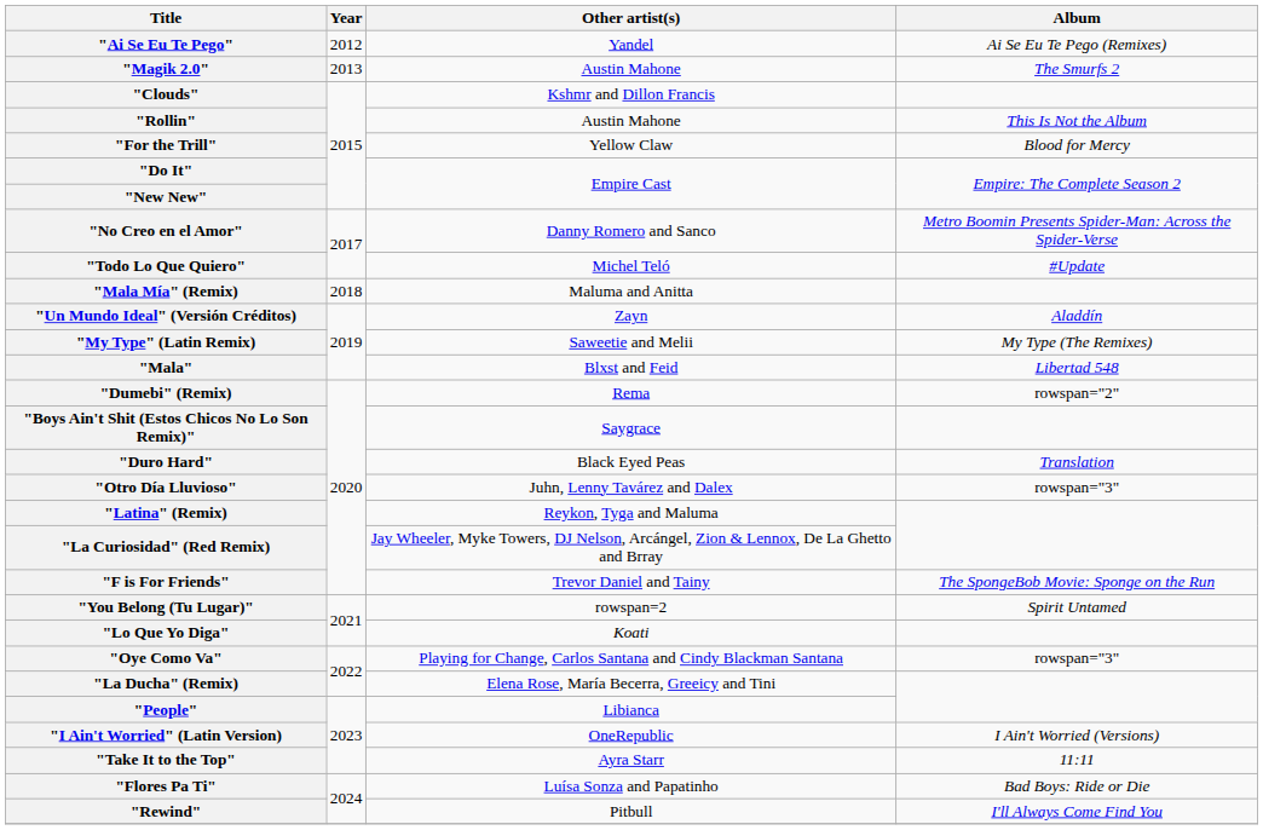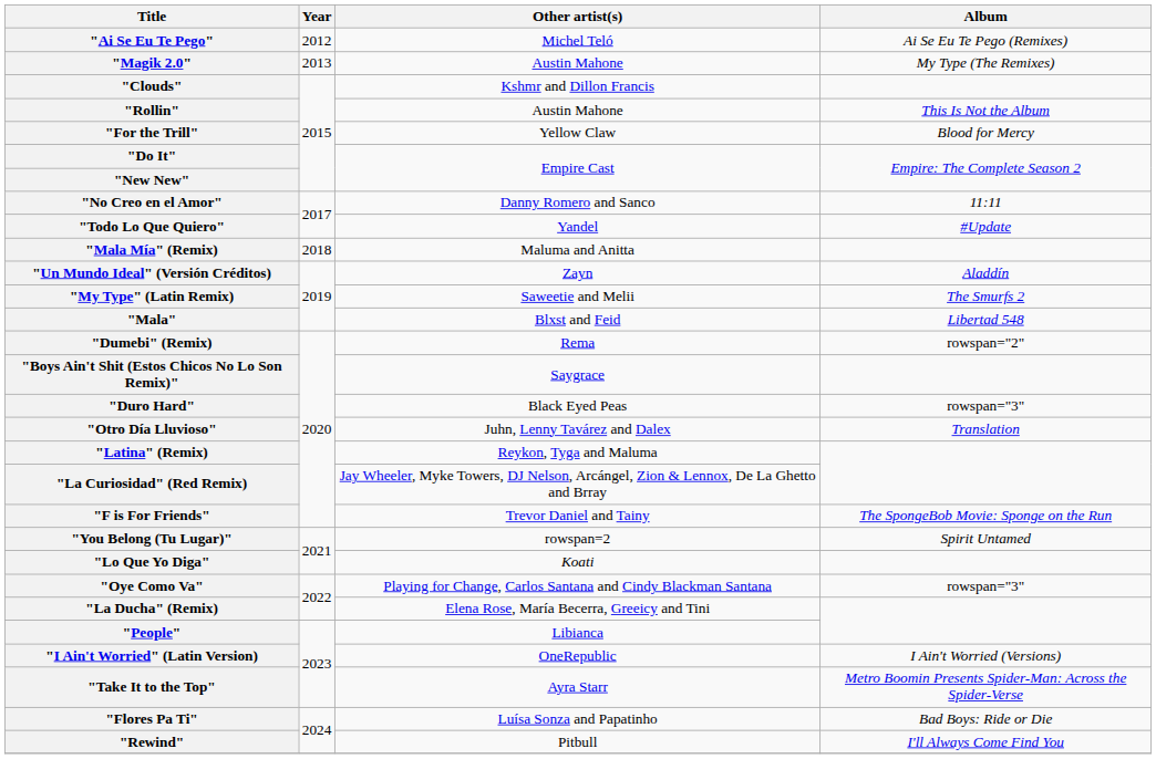 <table class="wikitable plainrowheaders" style="text-align:center;">
 <tr>
 <th scope="col">Title</th>
 <th scope="col">Year</th>
 <th scope="col">Other artist(s)</th>
 <th scope="col">Album</th>
 </tr>
 <tr>
 <th scope="row">"<a href='#'>Ai Se Eu Te Pego</a>"</th>
 <td>2012</td>
-<td><a href='#'>Yandel</a></td>
+<td><a href='#'>Michel Teló</a></td>
 <td><em>Ai Se Eu Te Pego (Remixes)</em></td>
 </tr>
 <tr>
 <th scope="row">"<a href='#'>Magik 2.0</a>"</th>
 <td>2013</td>
 <td><a href='#'>Austin Mahone</a></td>
-<td><em><a href='#'>The Smurfs 2</a></em></td>
+<td><em>My Type (The Remixes)</em></td>
 </tr>
 <tr>
 <th scope="row">"Clouds"</th>
 <td rowspan="5">2015</td>
 <td><a href='#'>Kshmr</a> and <a href='#'>Dillon Francis</a></td>
 <td></td>
 </tr>
 <tr>
 <th scope="row">"Rollin"</th>
 <td>Austin Mahone</td>
 <td><em><a href='#'>This Is Not the Album</a></em></td>
 </tr>
 <tr>
 <th scope="row">"For the Trill"</th>
 <td>Yellow Claw</td>
 <td><em>Blood for Mercy</em></td>
 </tr>
 <tr>
 <th scope="row">"Do It"</th>
 <td rowspan=2><a href='#'>Empire Cast</a></td>
 <td rowspan="2"><a href='#'><em>Empire: The Complete Season 2</em></a></td>
 </tr>
 <tr>
 <th scope="row">"New New"</th>
 </tr>
 <tr>
 <th scope="row">"No Creo en el Amor"</th>
 <td rowspan=2>2017</td>
 <td><a href='#'>Danny Romero</a> and Sanco</td>
-<td><em><a href='#'>Metro Boomin Presents Spider-Man: Across the Spider-Verse</a></em></td>
+<td><em>11:11</em></td>
 </tr>
 <tr>
 <th scope="row">"Todo Lo Que Quiero"</th>
-<td><a href='#'>Michel Teló</a></td>
+<td><a href='#'>Yandel</a></td>
 <td><em><a href='#'>#Update</a></em></td>
 </tr>
 <tr>
 <th scope="row">"<a href='#'>Mala Mía</a>" (Remix)</th>
 <td>2018</td>
 <td>Maluma and Anitta</td>
 <td></td>
 </tr>
 <tr>
 <th scope="row">"<a href='#'>Un Mundo Ideal</a>"  (Versión Créditos)</th>
 <td rowspan="3">2019</td>
 <td><a href='#'>Zayn</a></td>
 <td><em><a href='#'>Aladdín</a></em></td>
 </tr>
 <tr>
 <th scope="row">"<a href='#'>My Type</a>" (Latin Remix)</th>
 <td><a href='#'>Saweetie</a> and Melii</td>
-<td><em>My Type (The Remixes)</em></td>
+<td><em><a href='#'>The Smurfs 2</a></em></td>
 </tr>
 <tr>
 <th scope="row">"Mala"</th>
 <td><a href='#'>Blxst</a> and <a href='#'>Feid</a></td>
 <td><em><a href='#'>Libertad 548</a></em></td>
 </tr>
 <tr>
 <th scope="row">"Dumebi" (Remix)</th>
 <td rowspan="7">2020</td>
 <td><a href='#'>Rema</a></td>
 <td>rowspan="2" </td>
 </tr>
 <tr>
 <th scope="row">"Boys Ain't Shit (Estos Chicos No Lo Son Remix)"</th>
 <td><a href='#'>Saygrace</a></td>
 </tr>
 <tr>
 <th scope="row">"Duro Hard"</th>
 <td>Black Eyed Peas</td>
-<td><em><a href='#'>Translation</a></em></td>
+<td>rowspan="3" </td>
 </tr>
 <tr>
 <th scope="row">"Otro Día Lluvioso"</th>
 <td>Juhn, <a href='#'>Lenny Tavárez</a> and <a href='#'>Dalex</a></td>
-<td>rowspan="3" </td>
+<td><em><a href='#'>Translation</a></em></td>
 </tr>
 <tr>
 <th scope="row">"<a href='#'>Latina</a>" (Remix)</th>
 <td><a href='#'>Reykon</a>, <a href='#'>Tyga</a> and Maluma</td>
 </tr>
 <tr>
 <th scope="row">"La Curiosidad" (Red Remix)</th>
 <td><a href='#'>Jay Wheeler</a>, Myke Towers, <a href='#'>DJ Nelson</a>, Arcángel, <a href='#'>Zion & Lennox</a>, De La Ghetto and Brray</td>
 </tr>
 <tr>
 <th scope="row">"F is For Friends"</th>
 <td><a href='#'>Trevor Daniel</a> and <a href='#'>Tainy</a></td>
 <td><em><a href='#'>The SpongeBob Movie: Sponge on the Run</a></em></td>
 </tr>
 <tr>
 <th scope="row">"You Belong (Tu Lugar)"</th>
 <td rowspan="2">2021</td>
 <td>rowspan=2 </td>
 <td><em>Spirit Untamed</em></td>
 </tr>
 <tr>
 <th scope="row">"Lo Que Yo Diga"</th>
 <td><em>Koati</em></td>
 </tr>
 <tr>
 <th scope="row">"Oye Como Va"</th>
 <td rowspan="2">2022</td>
 <td><a href='#'>Playing for Change</a>, <a href='#'>Carlos Santana</a> and <a href='#'>Cindy Blackman Santana</a></td>
 <td>rowspan="3" </td>
 </tr>
 <tr>
 <th scope="row">"La Ducha" (Remix)</th>
 <td><a href='#'>Elena Rose</a>, María Becerra, <a href='#'>Greeicy</a> and Tini</td>
 </tr>
 <tr>
 <th scope="row">"<a href='#'>People</a>"</th>
 <td rowspan="3">2023</td>
 <td><a href='#'>Libianca</a></td>
 </tr>
 <tr>
 <th scope="row">"<a href='#'>I Ain't Worried</a>" (Latin Version)</th>
 <td><a href='#'>OneRepublic</a></td>
 <td><em>I Ain't Worried (Versions)</em></td>
 </tr>
 <tr>
 <th scope="row">"Take It to the Top"</th>
 <td><a href='#'>Ayra Starr</a></td>
-<td><em>11:11</em></td>
+<td><em><a href='#'>Metro Boomin Presents Spider-Man: Across the Spider-Verse</a></em></td>
 </tr>
 <tr>
 <th scope="row">"Flores Pa Ti"</th>
 <td rowspan="2">2024</td>
 <td><a href='#'>Luísa Sonza</a> and Papatinho</td>
 <td><em>Bad Boys: Ride or Die</em></td>
 </tr>
 <tr>
 <th scope="row">"Rewind"</th>
 <td>Pitbull</td>
 <td><em><a href='#'>I'll Always Come Find You</a></em></td>
 </tr>
 <tr>
 </tr>
 </table>
